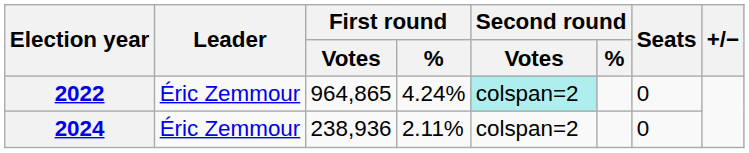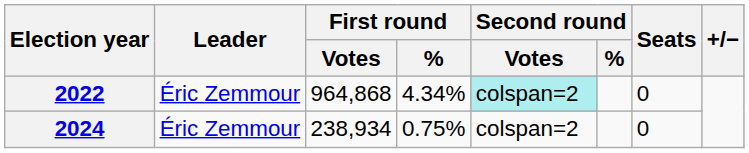 <table class="wikitable">
 <tr>
 <th rowspan="2">Election year</th>
 <th rowspan="2">Leader</th>
 <th colspan="2">First round</th>
 <th colspan="2">Second round</th>
 <th rowspan="2">Seats</th>
 <th rowspan="2">+/−</th>
 </tr>
 <tr>
 <th>Votes</th>
 <th>%</th>
 <th>Votes</th>
 <th>%</th>
 </tr>
 <tr>
 <th><a href='#'>2022</a></th>
 <td><a href='#'>Éric Zemmour</a></td>
-<td>964,865</td>
-<td>4.24%</td>
+<td>964,868</td>
+<td>4.34%</td>
 <td style="background: paleturquoise;">colspan=2 </td>
 <td></td>
 <td>0</td>
 </tr>
 <tr>
 <th><a href='#'>2024</a></th>
 <td><a href='#'>Éric Zemmour</a></td>
-<td>238,936</td>
-<td>2.11%</td>
+<td>238,934</td>
+<td>0.75%</td>
 <td>colspan=2 </td>
 <td></td>
 <td>0</td>
 </tr>
 </table>
